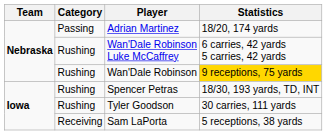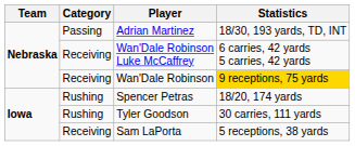 <table class="wikitable" style="float: left;">
 <tr>
 <th>Team</th>
 <th>Category</th>
 <th>Player</th>
 <th>Statistics</th>
 </tr>
 <tr>
 <td rowspan=3><strong>Nebraska</strong></td>
 <td>Passing</td>
 <td><a href='#'>Adrian Martinez</a></td>
-<td>18/20, 174 yards</td>
+<td>18/30, 193 yards, TD, INT</td>
 </tr>
 <tr>
-<td>Rushing</td>
+<td>Receiving</td>
 <td><a href='#'>Wan'Dale Robinson</a><br><a href='#'>Luke McCaffrey</a></td>
 <td>6 carries, 42 yards<br>5 carries, 42 yards</td>
 </tr>
 <tr>
-<td>Rushing</td>
+<td>Receiving</td>
 <td>Wan'Dale Robinson</td>
 <td style="background: gold;">9 receptions, 75 yards</td>
 </tr>
 <tr>
 <td rowspan=3><strong>Iowa</strong></td>
 <td>Rushing</td>
 <td>Spencer Petras</td>
-<td>18/30, 193 yards, TD, INT</td>
+<td>18/20, 174 yards</td>
 </tr>
 <tr>
 <td>Rushing</td>
 <td>Tyler Goodson</td>
 <td>30 carries, 111 yards</td>
 </tr>
 <tr>
 <td>Receiving</td>
 <td>Sam LaPorta</td>
 <td>5 receptions, 38 yards</td>
 </tr>
 </table>
